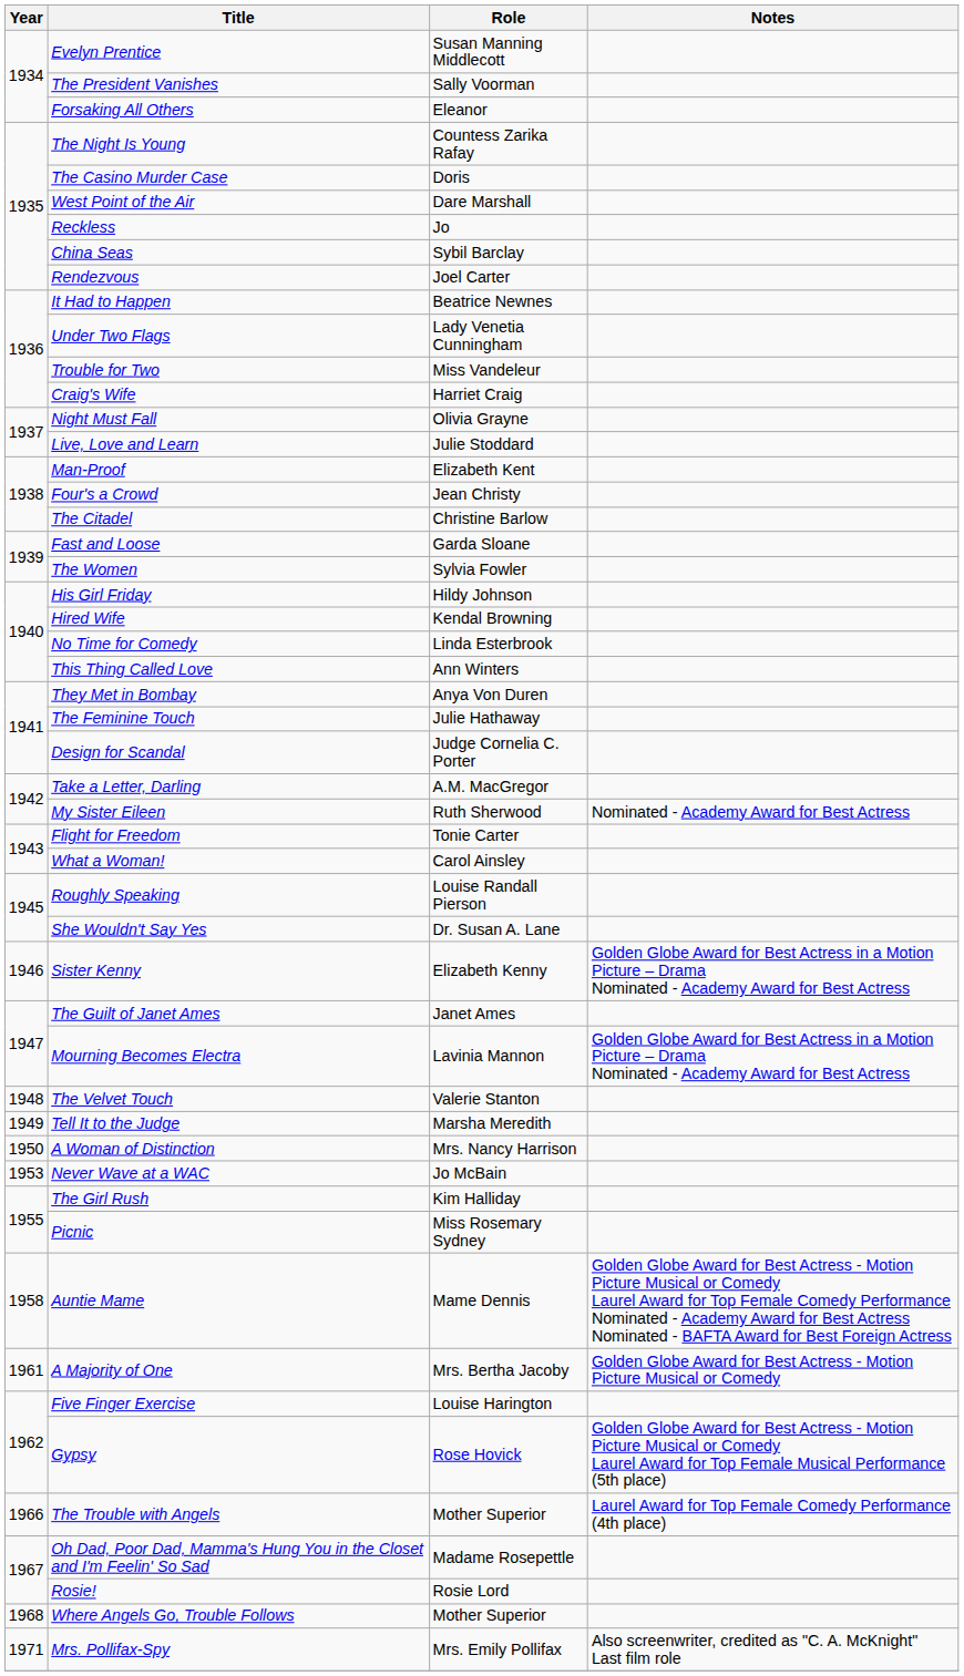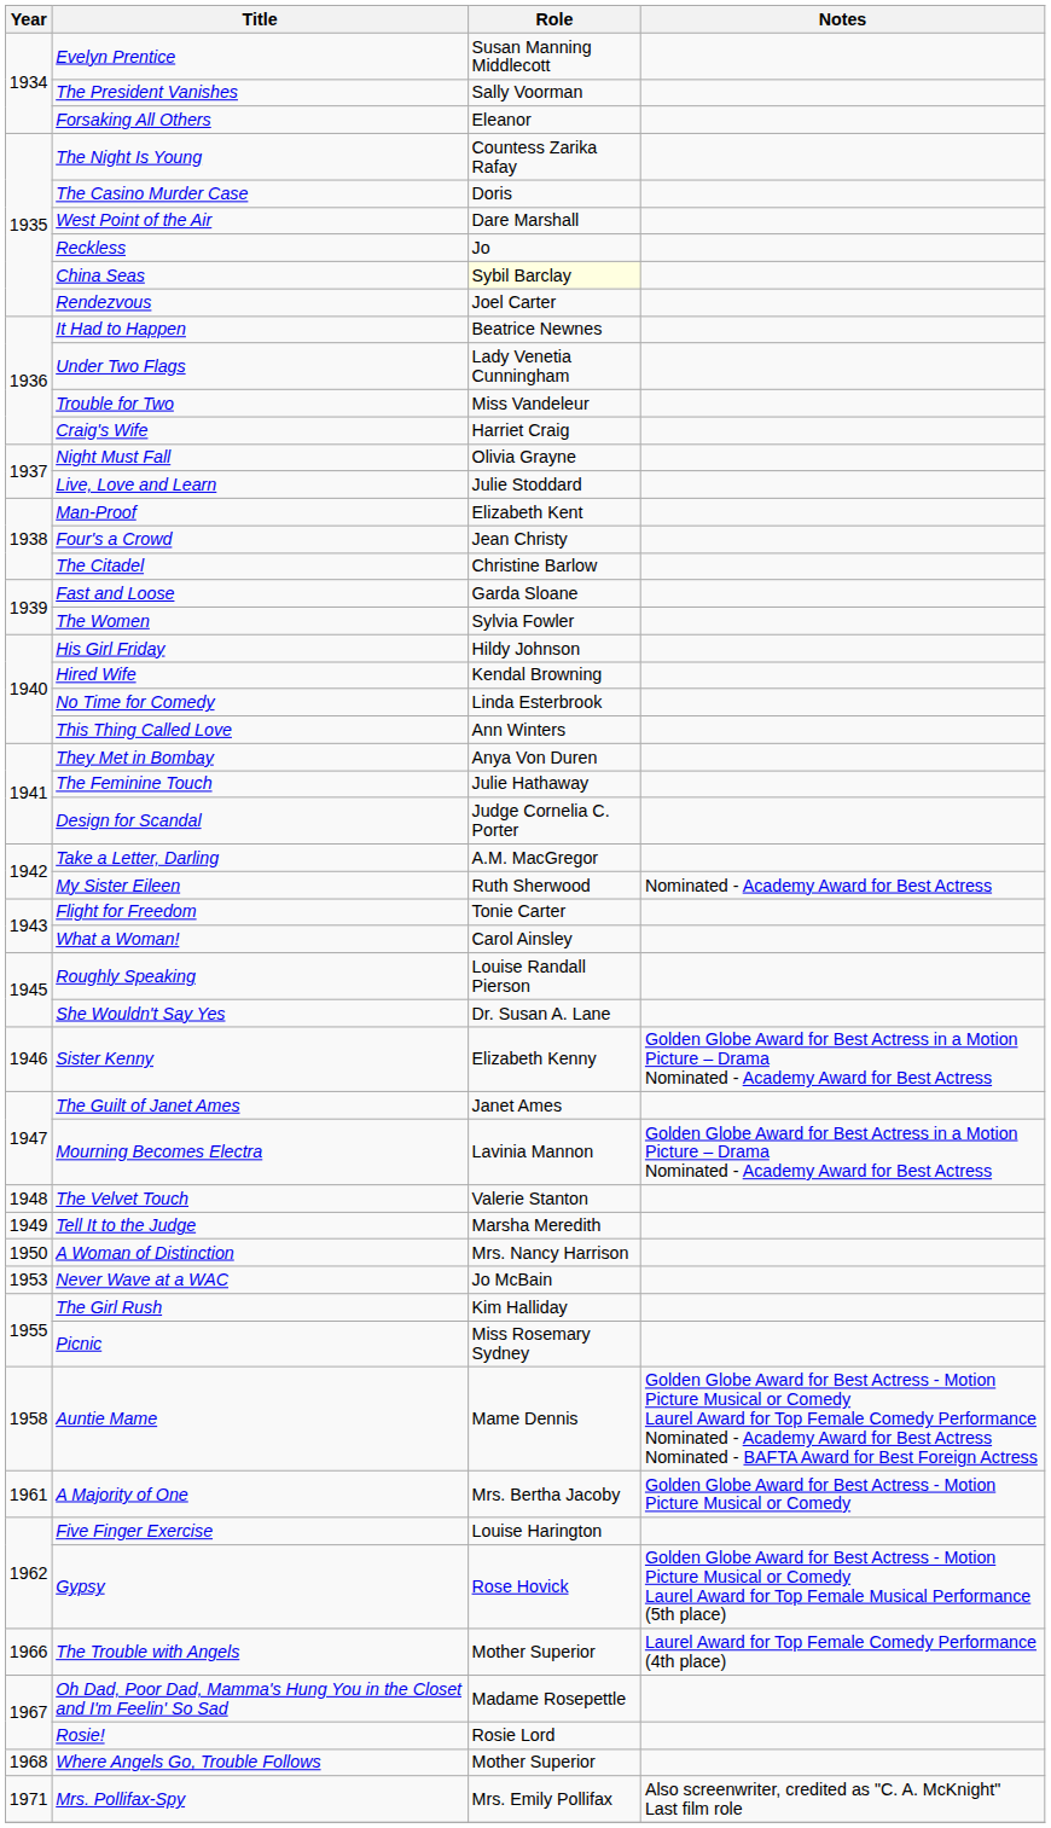 <table class="wikitable" style="font-size: 90%;">
 <tr>
 <th>Year</th>
 <th>Title</th>
 <th>Role</th>
 <th>Notes</th>
 </tr>
 <tr>
 <td rowspan="3">1934</td>
 <td><em><a href='#'>Evelyn Prentice</a></em></td>
 <td>Susan Manning Middlecott</td>
 <td></td>
 </tr>
 <tr>
 <td><em><a href='#'>The President Vanishes</a></em></td>
 <td>Sally Voorman</td>
 <td></td>
 </tr>
 <tr>
 <td><em><a href='#'>Forsaking All Others</a></em></td>
 <td>Eleanor</td>
 <td></td>
 </tr>
 <tr>
 <td rowspan="6">1935</td>
 <td><em><a href='#'>The Night Is Young</a></em></td>
 <td>Countess Zarika Rafay</td>
 <td></td>
 </tr>
 <tr>
 <td><em><a href='#'>The Casino Murder Case</a></em></td>
 <td>Doris</td>
 <td></td>
 </tr>
 <tr>
 <td><em><a href='#'>West Point of the Air</a></em></td>
 <td>Dare Marshall</td>
 <td></td>
 </tr>
 <tr>
 <td><em><a href='#'>Reckless</a></em></td>
 <td>Jo</td>
 <td></td>
 </tr>
 <tr>
 <td><em><a href='#'>China Seas</a></em></td>
-<td>Sybil Barclay</td>
+<td style="background: lightyellow;">Sybil Barclay</td>
 <td></td>
 </tr>
 <tr>
 <td><em><a href='#'>Rendezvous</a></em></td>
 <td>Joel Carter</td>
 <td></td>
 </tr>
 <tr>
 <td rowspan="4">1936</td>
 <td><em><a href='#'>It Had to Happen</a></em></td>
 <td>Beatrice Newnes</td>
 <td></td>
 </tr>
 <tr>
 <td><em><a href='#'>Under Two Flags</a></em></td>
 <td>Lady Venetia Cunningham</td>
 <td></td>
 </tr>
 <tr>
 <td><em><a href='#'>Trouble for Two</a></em></td>
 <td>Miss Vandeleur</td>
 <td></td>
 </tr>
 <tr>
 <td><em><a href='#'>Craig's Wife</a></em></td>
 <td>Harriet Craig</td>
 <td></td>
 </tr>
 <tr>
 <td rowspan="2">1937</td>
 <td><em><a href='#'>Night Must Fall</a></em></td>
 <td>Olivia Grayne</td>
 <td></td>
 </tr>
 <tr>
 <td><em><a href='#'>Live, Love and Learn</a></em></td>
 <td>Julie Stoddard</td>
 <td></td>
 </tr>
 <tr>
 <td rowspan="3">1938</td>
 <td><em><a href='#'>Man-Proof</a></em></td>
 <td>Elizabeth Kent</td>
 <td></td>
 </tr>
 <tr>
 <td><em><a href='#'>Four's a Crowd</a></em></td>
 <td>Jean Christy</td>
 <td></td>
 </tr>
 <tr>
 <td><em><a href='#'>The Citadel</a></em></td>
 <td>Christine Barlow</td>
 <td></td>
 </tr>
 <tr>
 <td rowspan="2">1939</td>
 <td><em><a href='#'>Fast and Loose</a></em></td>
 <td>Garda Sloane</td>
 <td></td>
 </tr>
 <tr>
 <td><em><a href='#'>The Women</a></em></td>
 <td>Sylvia Fowler</td>
 <td></td>
 </tr>
 <tr>
 <td rowspan="4">1940</td>
 <td><em><a href='#'>His Girl Friday</a></em></td>
 <td>Hildy Johnson</td>
 <td></td>
 </tr>
 <tr>
 <td><em><a href='#'>Hired Wife</a></em></td>
 <td>Kendal Browning</td>
 <td></td>
 </tr>
 <tr>
 <td><em><a href='#'>No Time for Comedy</a></em></td>
 <td>Linda Esterbrook</td>
 <td></td>
 </tr>
 <tr>
 <td><em><a href='#'>This Thing Called Love</a></em></td>
 <td>Ann Winters</td>
 <td></td>
 </tr>
 <tr>
 <td rowspan="3">1941</td>
 <td><em><a href='#'>They Met in Bombay</a></em></td>
 <td>Anya Von Duren</td>
 <td></td>
 </tr>
 <tr>
 <td><em><a href='#'>The Feminine Touch</a></em></td>
 <td>Julie Hathaway</td>
 <td></td>
 </tr>
 <tr>
 <td><em><a href='#'>Design for Scandal</a></em></td>
 <td>Judge Cornelia C. Porter</td>
 <td></td>
 </tr>
 <tr>
 <td rowspan="2">1942</td>
 <td><em><a href='#'>Take a Letter, Darling</a></em></td>
 <td>A.M. MacGregor</td>
 <td></td>
 </tr>
 <tr>
 <td><em><a href='#'>My Sister Eileen</a></em></td>
 <td>Ruth Sherwood</td>
 <td>Nominated - <a href='#'>Academy Award for Best Actress</a></td>
 </tr>
 <tr>
 <td rowspan="2">1943</td>
 <td><em><a href='#'>Flight for Freedom</a></em></td>
 <td>Tonie Carter</td>
 <td></td>
 </tr>
 <tr>
 <td><em><a href='#'>What a Woman!</a></em></td>
 <td>Carol Ainsley</td>
 <td></td>
 </tr>
 <tr>
 <td rowspan="2">1945</td>
 <td><em><a href='#'>Roughly Speaking</a></em></td>
 <td>Louise Randall Pierson</td>
 <td></td>
 </tr>
 <tr>
 <td><em><a href='#'>She Wouldn't Say Yes</a></em></td>
 <td>Dr. Susan A. Lane</td>
 <td></td>
 </tr>
 <tr>
 <td>1946</td>
 <td><em><a href='#'>Sister Kenny</a></em></td>
 <td>Elizabeth Kenny</td>
 <td><a href='#'>Golden Globe Award for Best Actress in a Motion Picture – Drama</a><br>Nominated - <a href='#'>Academy Award for Best Actress</a></td>
 </tr>
 <tr>
 <td rowspan="2">1947</td>
 <td><em><a href='#'>The Guilt of Janet Ames</a></em></td>
 <td>Janet Ames</td>
 <td></td>
 </tr>
 <tr>
 <td><em><a href='#'>Mourning Becomes Electra</a></em></td>
 <td>Lavinia Mannon</td>
 <td><a href='#'>Golden Globe Award for Best Actress in a Motion Picture – Drama</a><br>Nominated - <a href='#'>Academy Award for Best Actress</a></td>
 </tr>
 <tr>
 <td>1948</td>
 <td><em><a href='#'>The Velvet Touch</a></em></td>
 <td>Valerie Stanton</td>
 <td></td>
 </tr>
 <tr>
 <td>1949</td>
 <td><em><a href='#'>Tell It to the Judge</a></em></td>
 <td>Marsha Meredith</td>
 <td></td>
 </tr>
 <tr>
 <td>1950</td>
 <td><em><a href='#'>A Woman of Distinction</a></em></td>
 <td>Mrs. Nancy Harrison</td>
 <td></td>
 </tr>
 <tr>
 <td>1953</td>
 <td><em><a href='#'>Never Wave at a WAC</a></em></td>
 <td>Jo McBain</td>
 <td></td>
 </tr>
 <tr>
 <td rowspan="2">1955</td>
 <td><em><a href='#'>The Girl Rush</a></em></td>
 <td>Kim Halliday</td>
 <td></td>
 </tr>
 <tr>
 <td><em><a href='#'>Picnic</a></em></td>
 <td>Miss Rosemary Sydney</td>
 <td></td>
 </tr>
 <tr>
 <td>1958</td>
 <td><em><a href='#'>Auntie Mame</a></em></td>
 <td>Mame Dennis</td>
 <td><a href='#'>Golden Globe Award for Best Actress - Motion Picture Musical or Comedy</a><br><a href='#'>Laurel Award for Top Female Comedy Performance</a><br>Nominated - <a href='#'>Academy Award for Best Actress</a><br>Nominated - <a href='#'>BAFTA Award for Best Foreign Actress</a></td>
 </tr>
 <tr>
 <td>1961</td>
 <td><em><a href='#'>A Majority of One</a></em></td>
 <td>Mrs. Bertha Jacoby</td>
 <td><a href='#'>Golden Globe Award for Best Actress - Motion Picture Musical or Comedy</a></td>
 </tr>
 <tr>
 <td rowspan="2">1962</td>
 <td><em><a href='#'>Five Finger Exercise</a></em></td>
 <td>Louise Harington</td>
 <td></td>
 </tr>
 <tr>
 <td><em><a href='#'>Gypsy</a></em></td>
 <td><a href='#'>Rose Hovick</a></td>
 <td><a href='#'>Golden Globe Award for Best Actress - Motion Picture Musical or Comedy</a><br><a href='#'>Laurel Award for Top Female Musical Performance</a> (5th place)</td>
 </tr>
 <tr>
 <td>1966</td>
 <td><em><a href='#'>The Trouble with Angels</a></em></td>
 <td>Mother Superior</td>
 <td><a href='#'>Laurel Award for Top Female Comedy Performance</a> (4th place)</td>
 </tr>
 <tr>
 <td rowspan="2">1967</td>
 <td><em><a href='#'>Oh Dad, Poor Dad, Mamma's Hung You in the Closet and I'm Feelin' So Sad</a></em></td>
 <td>Madame Rosepettle</td>
 <td></td>
 </tr>
 <tr>
 <td><em><a href='#'>Rosie!</a></em></td>
 <td>Rosie Lord</td>
 <td></td>
 </tr>
 <tr>
 <td>1968</td>
 <td><em><a href='#'>Where Angels Go, Trouble Follows</a></em></td>
 <td>Mother Superior</td>
 <td></td>
 </tr>
 <tr>
 <td>1971</td>
 <td><em><a href='#'>Mrs. Pollifax-Spy</a></em></td>
 <td>Mrs. Emily Pollifax</td>
 <td>Also screenwriter, credited as "C. A. McKnight"<br>Last film role</td>
 </tr>
 <tr>
 </tr>
 </table>
